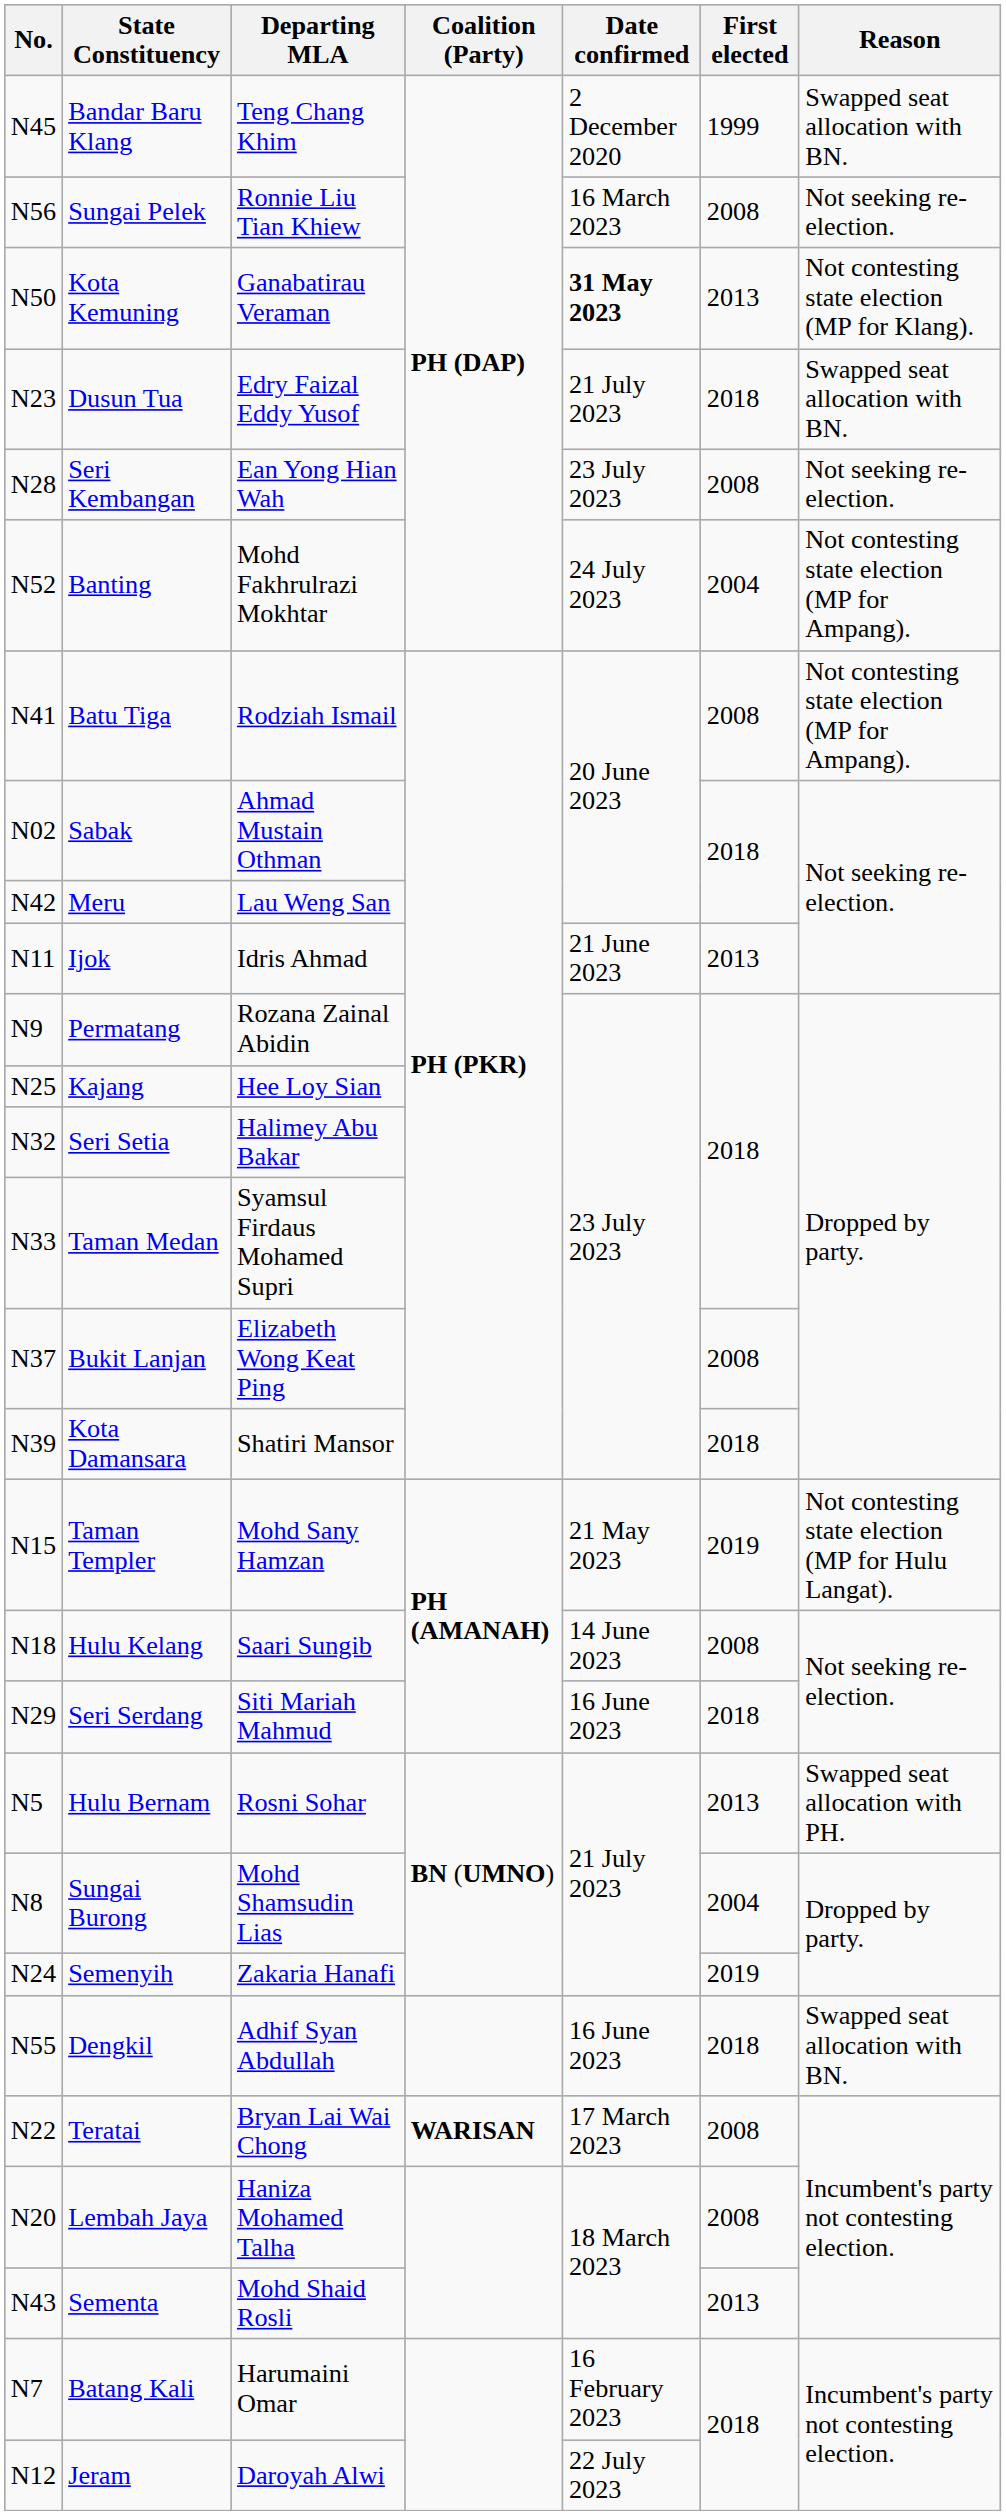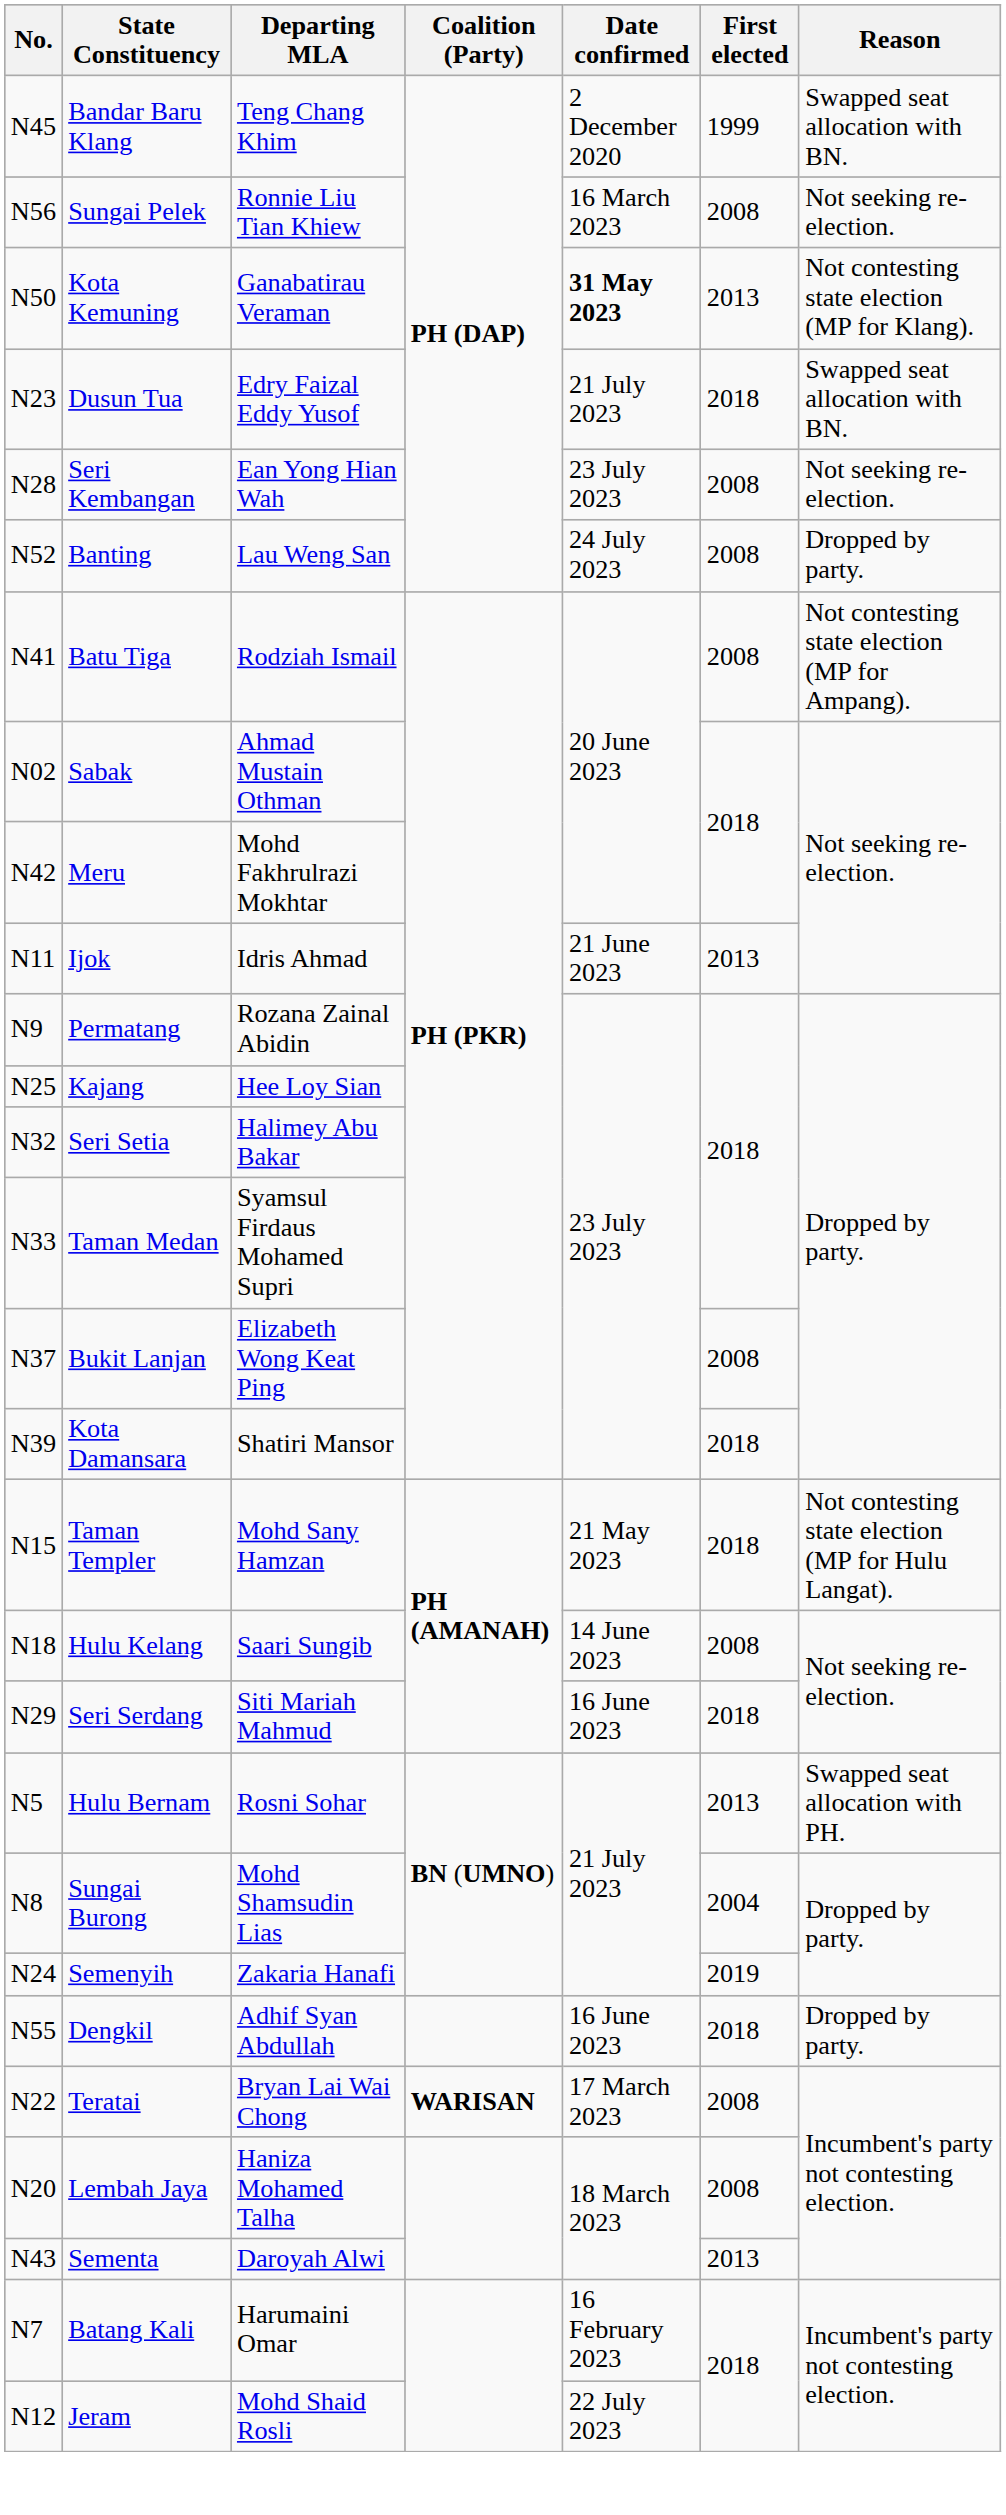 <table class="wikitable">
 <tr>
 <th>No.</th>
 <th>State Constituency</th>
 <th>Departing MLA</th>
 <th>Coalition (Party)</th>
 <th>Date confirmed</th>
 <th>First elected</th>
 <th>Reason</th>
 </tr>
 <tr>
 <td>N45</td>
 <td><a href='#'>Bandar Baru Klang</a></td>
 <td><a href='#'>Teng Chang Khim</a></td>
 <td rowspan="6"><strong>PH (DAP)</strong></td>
 <td>2 December 2020</td>
 <td>1999</td>
 <td>Swapped seat allocation with BN.</td>
 </tr>
 <tr>
 <td>N56</td>
 <td><a href='#'>Sungai Pelek</a></td>
 <td><a href='#'>Ronnie Liu Tian Khiew</a></td>
 <td>16 March 2023</td>
 <td>2008</td>
 <td>Not seeking re-election.</td>
 </tr>
 <tr>
 <td>N50</td>
 <td><a href='#'>Kota Kemuning</a></td>
 <td><a href='#'>Ganabatirau Veraman</a></td>
 <td><strong>31 May 2023</strong></td>
 <td>2013</td>
 <td>Not contesting state election (MP for Klang).</td>
 </tr>
 <tr>
 <td>N23</td>
 <td><a href='#'>Dusun Tua</a></td>
 <td><a href='#'>Edry Faizal Eddy Yusof</a></td>
 <td>21 July 2023</td>
 <td>2018</td>
 <td>Swapped seat allocation with BN.</td>
 </tr>
 <tr>
 <td>N28</td>
 <td><a href='#'>Seri Kembangan</a></td>
 <td><a href='#'>Ean Yong Hian Wah</a></td>
 <td>23 July 2023</td>
 <td>2008</td>
 <td>Not seeking re-election.</td>
 </tr>
 <tr>
 <td>N52</td>
 <td><a href='#'>Banting</a></td>
-<td>Mohd Fakhrulrazi Mokhtar</td>
+<td><a href='#'>Lau Weng San</a></td>
 <td>24 July 2023</td>
-<td>2004</td>
-<td>Not contesting state election (MP for Ampang).</td>
+<td>2008</td>
+<td>Dropped by party.</td>
 </tr>
 <tr>
 <td>N41</td>
 <td><a href='#'>Batu Tiga</a></td>
 <td><a href='#'>Rodziah Ismail</a></td>
 <td rowspan=10><strong>PH (PKR)</strong></td>
 <td rowspan="3">20 June 2023</td>
 <td>2008</td>
 <td>Not contesting state election (MP for Ampang).</td>
 </tr>
 <tr>
 <td>N02</td>
 <td><a href='#'>Sabak</a></td>
 <td><a href='#'>Ahmad Mustain Othman</a></td>
 <td rowspan="2">2018</td>
 <td rowspan="3">Not seeking re-election.</td>
 </tr>
 <tr>
 <td>N42</td>
 <td><a href='#'>Meru</a></td>
-<td><a href='#'>Lau Weng San</a></td>
+<td>Mohd Fakhrulrazi Mokhtar</td>
 </tr>
 <tr>
 <td>N11</td>
 <td><a href='#'>Ijok</a></td>
 <td>Idris Ahmad</td>
 <td>21 June 2023</td>
 <td>2013</td>
 </tr>
 <tr>
 <td>N9</td>
 <td><a href='#'>Permatang</a></td>
 <td>Rozana Zainal Abidin</td>
 <td rowspan="6">23 July 2023</td>
 <td rowspan="4">2018</td>
 <td rowspan="6">Dropped by party.</td>
 </tr>
 <tr>
 <td>N25</td>
 <td><a href='#'>Kajang</a></td>
 <td><a href='#'>Hee Loy Sian</a></td>
 </tr>
 <tr>
 <td>N32</td>
 <td><a href='#'>Seri Setia</a></td>
 <td><a href='#'>Halimey Abu Bakar</a></td>
 </tr>
 <tr>
 <td>N33</td>
 <td><a href='#'>Taman Medan</a></td>
 <td>Syamsul Firdaus Mohamed Supri</td>
 </tr>
 <tr>
 <td>N37</td>
 <td><a href='#'>Bukit Lanjan</a></td>
 <td><a href='#'>Elizabeth Wong Keat Ping</a></td>
 <td>2008</td>
 </tr>
 <tr>
 <td>N39</td>
 <td><a href='#'>Kota Damansara</a></td>
 <td>Shatiri Mansor</td>
 <td>2018</td>
 </tr>
 <tr>
 <td>N15</td>
 <td><a href='#'>Taman Templer</a></td>
 <td><a href='#'>Mohd Sany Hamzan</a></td>
 <td rowspan=3><strong>PH (AMANAH)</strong></td>
 <td>21 May 2023</td>
-<td>2019</td>
+<td>2018</td>
 <td>Not contesting state election (MP for Hulu Langat).</td>
 </tr>
 <tr>
 <td>N18</td>
 <td><a href='#'>Hulu Kelang</a></td>
 <td><a href='#'>Saari Sungib</a></td>
 <td>14 June 2023</td>
 <td>2008</td>
 <td rowspan="2">Not seeking re-election.</td>
 </tr>
 <tr>
 <td>N29</td>
 <td><a href='#'>Seri Serdang</a></td>
 <td><a href='#'>Siti Mariah Mahmud</a></td>
 <td>16 June 2023</td>
 <td>2018</td>
 </tr>
 <tr>
 <td>N5</td>
 <td><a href='#'>Hulu Bernam</a></td>
 <td><a href='#'>Rosni Sohar</a></td>
 <td rowspan="3"><strong>BN</strong> (<strong>UMNO</strong>)</td>
 <td rowspan="3">21 July 2023</td>
 <td>2013</td>
 <td>Swapped seat allocation with PH.</td>
 </tr>
 <tr>
 <td>N8</td>
 <td><a href='#'>Sungai Burong</a></td>
 <td><a href='#'>Mohd Shamsudin Lias</a></td>
 <td>2004</td>
 <td rowspan="2">Dropped by party.</td>
 </tr>
 <tr>
 <td>N24</td>
 <td><a href='#'>Semenyih</a></td>
 <td><a href='#'>Zakaria Hanafi</a></td>
 <td>2019</td>
 </tr>
 <tr>
 <td>N55</td>
 <td><a href='#'>Dengkil</a></td>
 <td><a href='#'>Adhif Syan Abdullah</a></td>
 <td></td>
 <td>16 June 2023</td>
 <td>2018</td>
-<td>Swapped seat allocation with BN.</td>
+<td>Dropped by party.</td>
 </tr>
 <tr>
 <td>N22</td>
 <td><a href='#'>Teratai</a></td>
 <td><a href='#'>Bryan Lai Wai Chong</a></td>
 <td><strong>WARISAN</strong></td>
 <td>17 March 2023</td>
 <td>2008</td>
 <td rowspan="3">Incumbent's party not contesting election.</td>
 </tr>
 <tr>
 <td>N20</td>
 <td><a href='#'>Lembah Jaya</a></td>
 <td><a href='#'>Haniza Mohamed Talha</a></td>
 <td rowspan="2"></td>
 <td rowspan="2">18 March 2023</td>
 <td>2008</td>
 </tr>
 <tr>
 <td>N43</td>
 <td><a href='#'>Sementa</a></td>
-<td><a href='#'>Mohd Shaid Rosli</a></td>
+<td><a href='#'>Daroyah Alwi</a></td>
 <td>2013</td>
 </tr>
 <tr>
 <td>N7</td>
 <td><a href='#'>Batang Kali</a></td>
 <td>Harumaini Omar</td>
 <td rowspan="3"></td>
 <td>16 February 2023</td>
 <td rowspan="2">2018</td>
 <td rowspan="2">Incumbent's party not contesting election.</td>
 </tr>
 <tr>
 <td>N12</td>
 <td><a href='#'>Jeram</a></td>
-<td><a href='#'>Daroyah Alwi</a></td>
+<td><a href='#'>Mohd Shaid Rosli</a></td>
 <td>22 July 2023</td>
 </tr>
 <tr>
 </tr>
 </table>
